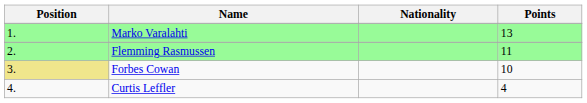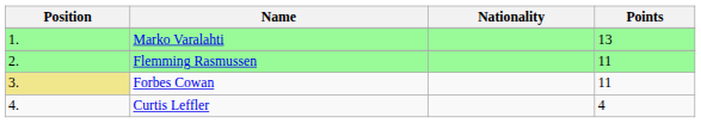 <table class="wikitable" style="display: inline-table; width: 50%;">
 <tr>
 <th>Position</th>
 <th>Name</th>
 <th>Nationality</th>
 <th>Points</th>
 </tr>
 <tr>
 </tr>
 <tr style="background:palegreen">
 <td>1.</td>
 <td><a href='#'>Marko Varalahti</a></td>
 <td></td>
 <td>13</td>
 </tr>
 <tr>
 </tr>
 <tr style="background:palegreen">
 <td>2.</td>
 <td><a href='#'>Flemming Rasmussen</a></td>
 <td></td>
 <td>11</td>
 </tr>
 <tr>
 <td style="background: khaki;">3.</td>
 <td><a href='#'>Forbes Cowan</a></td>
 <td></td>
-<td>10</td>
+<td>11</td>
 </tr>
 <tr>
 <td>4.</td>
 <td><a href='#'>Curtis Leffler</a></td>
 <td></td>
 <td>4</td>
 </tr>
 </table>
